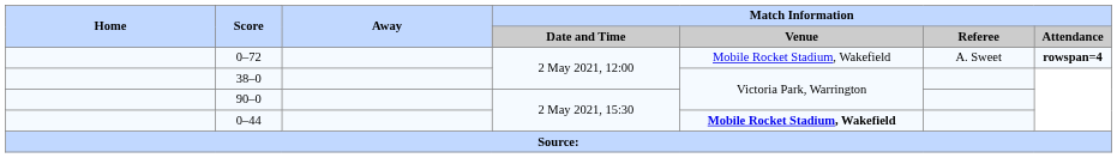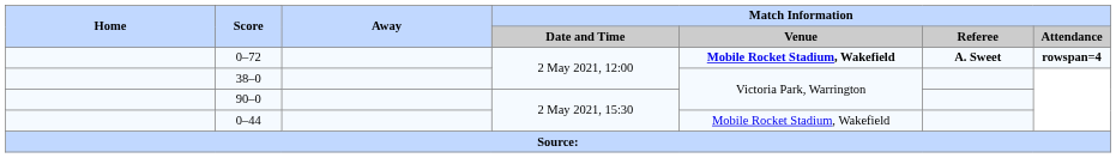 <table border=1 style="border-collapse:collapse; font-size:90%; text-align:center;" cellpadding=3 cellspacing=0 width=100%>
 <tr style="background:#C1D8ff;">
 <th scope="col" rowspan=2 width=19%>Home</th>
 <th scope="col" rowspan=2 width=6%>Score</th>
 <th scope="col" rowspan=2 width=19%>Away</th>
 <th colspan=4>Match Information</th>
 </tr>
 <tr style="background:#CCCCCC;">
 <th scope="col" width=17%>Date and Time</th>
 <th scope="col" width=22%>Venue</th>
 <th scope="col" width=10%>Referee</th>
 <th scope="col" width=7%>Attendance</th>
 </tr>
 <tr style="background:#F5FAFF;">
 <td></td>
 <td>0–72</td>
 <td></td>
 <td rowspan=2>2 May 2021, 12:00</td>
-<td><a href='#'>Mobile Rocket Stadium</a>, Wakefield</td>
-<td>A. Sweet</td>
+<td><strong><a href='#'>Mobile Rocket Stadium</a>, Wakefield</strong></td>
+<td><strong>A. Sweet</strong></td>
 <td><strong>rowspan=4</strong></td>
 </tr>
 <tr style="background:#F5FAFF;">
 <td></td>
 <td>38–0</td>
 <td></td>
 <td rowspan=2>Victoria Park, Warrington</td>
 <td></td>
 </tr>
 <tr style="background:#F5FAFF;">
 <td></td>
 <td>90–0</td>
 <td></td>
 <td rowspan=2>2 May 2021, 15:30</td>
 <td></td>
 </tr>
 <tr style="background:#F5FAFF;">
 <td></td>
 <td>0–44</td>
 <td></td>
-<td><strong><a href='#'>Mobile Rocket Stadium</a>, Wakefield</strong></td>
+<td><a href='#'>Mobile Rocket Stadium</a>, Wakefield</td>
 <td></td>
 </tr>
 <tr style="background:#c1d8ff;">
 <th colspan=7>Source:</th>
 </tr>
 </table>
